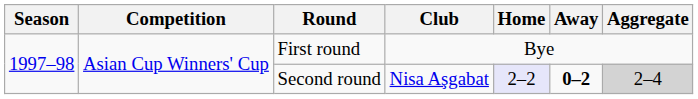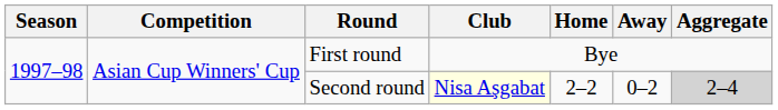 <table class="wikitable">
 <tr>
 <th>Season</th>
 <th>Competition</th>
 <th>Round</th>
 <th>Club</th>
 <th>Home</th>
 <th>Away</th>
 <th>Aggregate</th>
 </tr>
 <tr>
 <td rowspan="2"><a href='#'>1997–98</a></td>
 <td rowspan="2"><a href='#'>Asian Cup Winners' Cup</a></td>
 <td rowspan="1">First round</td>
 <td colspan="4" align=center>Bye</td>
 </tr>
 <tr>
 <td rowspan="1">Second round</td>
-<td> <a href='#'>Nisa Aşgabat</a></td>
-<td align=center style="background: lavender;">2–2</td>
-<td align=center><strong>0–2</strong></td>
+<td style="background: lightyellow;"> <a href='#'>Nisa Aşgabat</a></td>
+<td align=center>2–2</td>
+<td align=center>0–2</td>
 <td align=center style="background: lightgrey;">2–4</td>
 </tr>
 </table>
